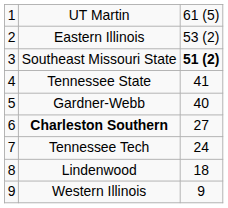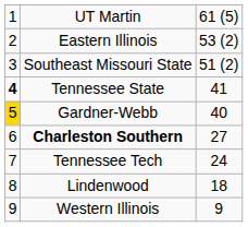 <table class="wikitable">
 <tr align="center">
 <td>1</td>
 <td>UT Martin</td>
 <td>61 (5)</td>
 </tr>
 <tr align="center">
 <td>2</td>
 <td>Eastern Illinois</td>
 <td>53 (2)</td>
 </tr>
 <tr align="center">
 <td>3</td>
 <td>Southeast Missouri State</td>
-<td><strong>51 (2)</strong></td>
+<td>51 (2)</td>
 </tr>
 <tr align="center">
-<td>4</td>
+<td><strong>4</strong></td>
 <td>Tennessee State</td>
 <td>41</td>
 </tr>
 <tr align="center">
-<td>5</td>
+<td style="background: gold;">5</td>
 <td>Gardner-Webb</td>
 <td>40</td>
 </tr>
 <tr align="center">
 <td>6</td>
 <td><strong>Charleston Southern</strong></td>
 <td>27</td>
 </tr>
 <tr align="center">
 <td>7</td>
 <td>Tennessee Tech</td>
 <td>24</td>
 </tr>
 <tr align="center">
 <td>8</td>
 <td>Lindenwood</td>
 <td>18</td>
 </tr>
 <tr align="center">
 <td>9</td>
 <td>Western Illinois</td>
 <td>9</td>
 </tr>
 </table>
